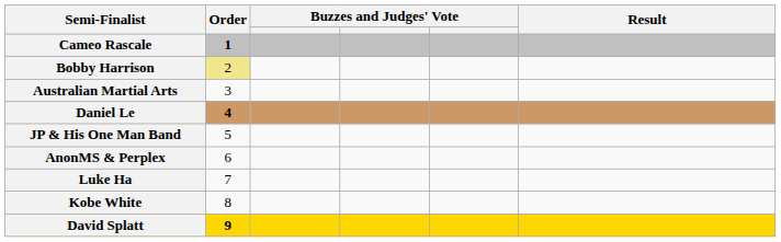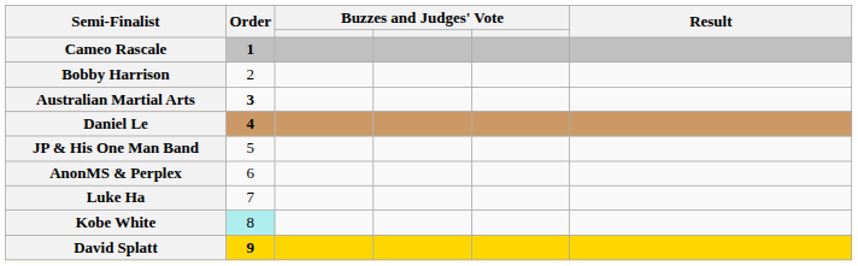 <table class="wikitable plainrowheaders sortable" style="text-align:center;">
 <tr>
 <th scope="col" rowspan=2 class="unsortable" style="width:17em;">Semi-Finalist</th>
 <th scope="col" rowspan=2 style="width:1em;">Order</th>
 <th scope="col" colspan=3 class="unsortable" style="width:24em;">Buzzes and Judges' Vote</th>
 <th scope="col" rowspan=2 style="width:23em;">Result</th>
 </tr>
 <tr>
 <th scope="col" class="unsortable" style="width:6em;"></th>
 <th scope="col" class="unsortable" style="width:6em;"></th>
 <th scope="col" class="unsortable" style="width:6em;"></th>
 </tr>
 <tr bgcolor=silver>
 <th scope="row"><strong>Cameo Rascale</strong></th>
 <td><strong>1</strong></td>
 <td style="text-align:center;"></td>
 <td style="text-align:center;"></td>
 <td style="text-align:center;"></td>
 <td><strong></strong></td>
 </tr>
 <tr>
 <th scope="row">Bobby Harrison</th>
-<td style="background: khaki;">2</td>
+<td>2</td>
 <td style="text-align:center;"></td>
 <td style="text-align:center;"></td>
 <td style="text-align:center;"></td>
 <td></td>
 </tr>
 <tr>
 <th scope="row">Australian Martial Arts</th>
-<td>3</td>
+<td><strong>3</strong></td>
 <td style="text-align:center;"></td>
 <td style="text-align:center;"></td>
 <td style="text-align:center;"></td>
 <td></td>
 </tr>
 <tr bgcolor=#c96>
 <th scope="row"><strong>Daniel Le</strong></th>
 <td><strong>4</strong></td>
 <td style="text-align:center;"></td>
 <td style="text-align:center;"></td>
 <td style="text-align:center;"></td>
 <td><strong></strong></td>
 </tr>
 <tr>
 <th scope="row">JP & His One Man Band</th>
 <td>5</td>
 <td style="text-align:center;"></td>
 <td style="text-align:center;"></td>
 <td style="text-align:center;"></td>
 <td></td>
 </tr>
 <tr>
 <th scope="row">AnonMS & Perplex</th>
 <td>6</td>
 <td style="text-align:center;"></td>
 <td style="text-align:center;"></td>
 <td style="text-align:center;"></td>
 <td></td>
 </tr>
 <tr>
 <th scope="row">Luke Ha</th>
 <td>7</td>
 <td style="text-align:center;"></td>
 <td style="text-align:center;"></td>
 <td style="text-align:center;"></td>
 <td></td>
 </tr>
 <tr>
 <th scope="row">Kobe White</th>
-<td>8</td>
+<td style="background: paleturquoise;">8</td>
 <td style="text-align:center;"></td>
 <td style="text-align:center;"></td>
 <td style="text-align:center;"></td>
 <td></td>
 </tr>
 <tr bgcolor=gold>
 <th scope="row"><strong>David Splatt</strong></th>
 <td><strong>9</strong></td>
 <td style="text-align:center;"></td>
 <td style="text-align:center;"></td>
 <td style="text-align:center;"></td>
 <td><strong></strong></td>
 </tr>
 </table>
